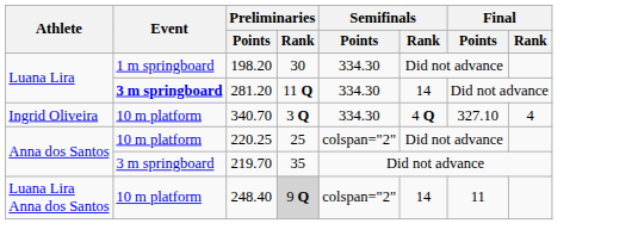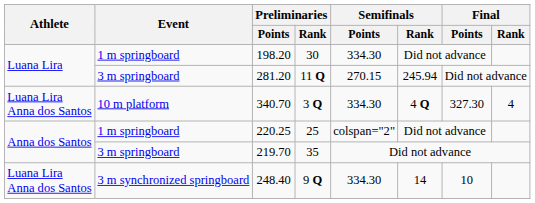 <table class=wikitable style="font-size:90%;">
 <tr>
 <th rowspan="2">Athlete</th>
 <th rowspan="2">Event</th>
 <th colspan="2">Preliminaries</th>
 <th colspan="2">Semifinals</th>
 <th colspan="2">Final</th>
 </tr>
 <tr style="font-size:95%">
 <th>Points</th>
 <th>Rank</th>
 <th>Points</th>
 <th>Rank</th>
 <th>Points</th>
 <th>Rank</th>
 </tr>
 <tr align=center>
 <td align=left rowspan="2"><a href='#'>Luana Lira</a></td>
 <td align=left><a href='#'>1 m springboard</a></td>
 <td>198.20</td>
 <td>30</td>
 <td>334.30</td>
 <td colspan="2">Did not advance</td>
 </tr>
 <tr align=center>
-<td align=left><strong><a href='#'>3 m springboard</a></strong></td>
+<td align=left><a href='#'>3 m springboard</a></td>
 <td>281.20</td>
 <td>11 <strong>Q</strong></td>
-<td>334.30</td>
-<td>14</td>
+<td>270.15</td>
+<td>245.94</td>
 <td colspan="2">Did not advance</td>
 </tr>
 <tr align=center>
-<td align=left><a href='#'>Ingrid Oliveira</a></td>
+<td align=left><a href='#'>Luana Lira</a><br><a href='#'>Anna dos Santos</a></td>
 <td align=left><a href='#'>10 m platform</a></td>
 <td>340.70</td>
 <td>3 <strong>Q</strong></td>
 <td>334.30</td>
 <td>4 <strong>Q</strong></td>
-<td>327.10</td>
+<td>327.30</td>
 <td>4</td>
 </tr>
 <tr align=center>
 <td align=left rowspan="2"><a href='#'>Anna dos Santos</a></td>
-<td align=left><a href='#'>10 m platform</a></td>
+<td align=left><a href='#'>1 m springboard</a></td>
 <td>220.25</td>
 <td>25</td>
 <td>colspan="2" </td>
 <td colspan="2">Did not advance</td>
 </tr>
 <tr align=center>
 <td align=left><a href='#'>3 m springboard</a></td>
 <td>219.70</td>
 <td>35</td>
 <td colspan="4">Did not advance</td>
 </tr>
 <tr align=center>
 <td align=left><a href='#'>Luana Lira</a><br><a href='#'>Anna dos Santos</a></td>
-<td align=left><a href='#'>10 m platform</a></td>
+<td align=left><a href='#'>3 m synchronized springboard</a></td>
 <td>248.40</td>
-<td style="background: lightgrey;">9 <strong>Q</strong></td>
-<td>colspan="2" </td>
+<td>9 <strong>Q</strong></td>
+<td>334.30</td>
 <td>14</td>
-<td>11</td>
+<td>10</td>
 </tr>
 </table>
